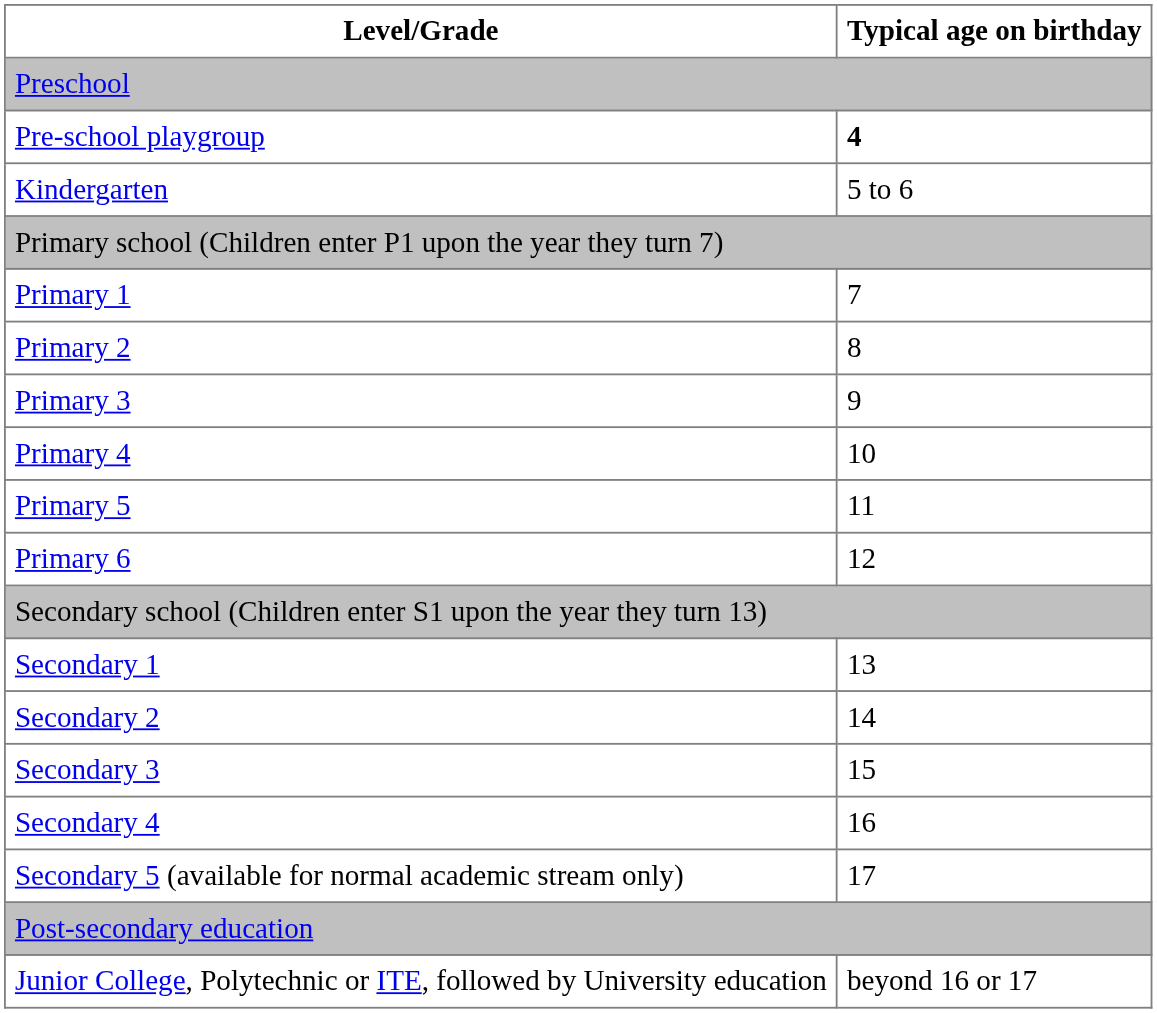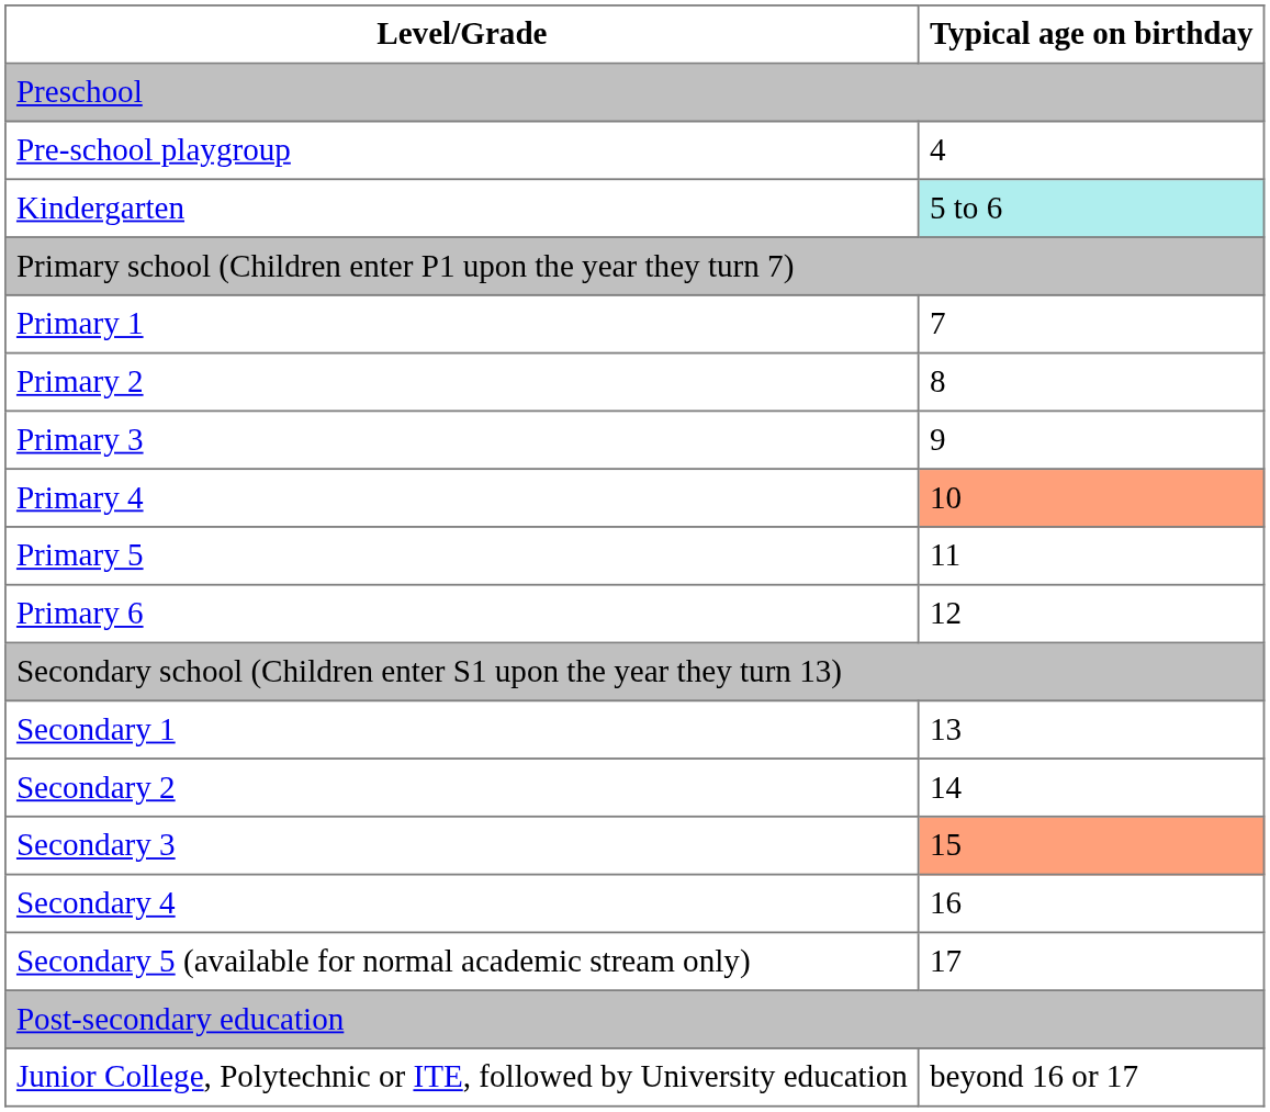 <table border="1" cellpadding="5" cellspacing="0" style="border-collapse:collapse;">
 <tr>
 <th>Level/Grade</th>
 <th>Typical age on birthday</th>
 </tr>
 <tr style="background:silver;">
 <td colspan=2><a href='#'>Preschool</a></td>
 </tr>
 <tr>
 <td><a href='#'>Pre-school playgroup</a></td>
-<td><strong>4</strong></td>
+<td>4</td>
 </tr>
 <tr>
 <td><a href='#'>Kindergarten</a></td>
-<td>5 to 6</td>
+<td style="background: paleturquoise;">5 to 6</td>
 </tr>
 <tr style="background:silver;">
 <td colspan=2>Primary school (Children enter P1 upon the year they turn 7)</td>
 </tr>
 <tr>
 <td><a href='#'>Primary 1</a></td>
 <td>7</td>
 </tr>
 <tr>
 <td><a href='#'>Primary 2</a></td>
 <td>8</td>
 </tr>
 <tr>
 <td><a href='#'>Primary 3</a></td>
 <td>9</td>
 </tr>
 <tr>
 <td><a href='#'>Primary 4</a></td>
-<td>10</td>
+<td style="background: lightsalmon;">10</td>
 </tr>
 <tr>
 <td><a href='#'>Primary 5</a></td>
 <td>11</td>
 </tr>
 <tr>
 <td><a href='#'>Primary 6</a></td>
 <td>12</td>
 </tr>
 <tr style="background:silver;">
 <td colspan=2>Secondary school (Children enter S1 upon the year they turn 13)</td>
 </tr>
 <tr>
 <td><a href='#'>Secondary 1</a></td>
 <td>13</td>
 </tr>
 <tr 2>
 <td><a href='#'>Secondary 2</a></td>
 <td>14</td>
 </tr>
 <tr>
 <td><a href='#'>Secondary 3</a></td>
-<td>15</td>
+<td style="background: lightsalmon;">15</td>
 </tr>
 <tr>
 <td><a href='#'>Secondary 4</a></td>
 <td>16</td>
 </tr>
 <tr>
 <td><a href='#'>Secondary 5</a> (available for normal academic stream only)</td>
 <td>17</td>
 </tr>
 <tr style="background:silver;">
 <td colspan=2><a href='#'>Post-secondary education</a></td>
 </tr>
 <tr>
 <td><a href='#'>Junior College</a>, Polytechnic or <a href='#'>ITE</a>, followed by University education</td>
 <td>beyond 16 or 17</td>
 </tr>
 </table>
